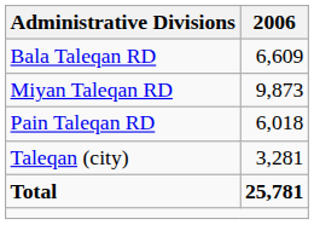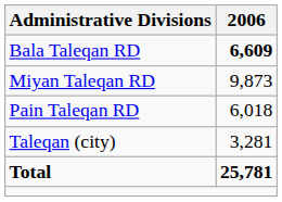 <table class="wikitable">
 <tr>
 <th>Administrative Divisions</th>
 <th>2006</th>
 </tr>
 <tr>
 <td><a href='#'>Bala Taleqan RD</a></td>
-<td style="text-align: right;">6,609</td>
+<td style="text-align: right;"><strong>6,609</strong></td>
 </tr>
 <tr>
 <td><a href='#'>Miyan Taleqan RD</a></td>
 <td style="text-align: right;">9,873</td>
 </tr>
 <tr>
 <td><a href='#'>Pain Taleqan RD</a></td>
 <td style="text-align: right;">6,018</td>
 </tr>
 <tr>
 <td><a href='#'>Taleqan</a> (city)</td>
 <td style="text-align: right;">3,281</td>
 </tr>
 <tr>
 <td><strong>Total</strong></td>
 <td style="text-align: right;"><strong>25,781</strong></td>
 </tr>
 <tr>
 <td colspan=2></td>
 </tr>
 </table>
